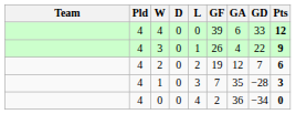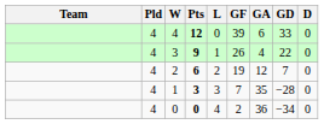 <table class="wikitable" style="text-align: center;">
 <tr>
 <th width="175">Team</th>
 <th width="20">Pld</th>
 <th width="20">W</th>
-<th width="20">D</th>
+<th width="20">Pts</th>
 <th width="20">L</th>
 <th width="20">GF</th>
 <th width="20">GA</th>
 <th width="20">GD</th>
-<th width="20">Pts</th>
+<th width="20">D</th>
 </tr>
 <tr bgcolor="#ccffcc">
 <td align=left></td>
 <td>4</td>
 <td>4</td>
-<td>0</td>
+<td><strong>12</strong></td>
 <td>0</td>
 <td>39</td>
 <td>6</td>
 <td>33</td>
-<td><strong>12</strong></td>
+<td>0</td>
 </tr>
 <tr bgcolor="#ccffcc">
 <td align=left></td>
 <td>4</td>
 <td>3</td>
-<td>0</td>
+<td><strong>9</strong></td>
 <td>1</td>
 <td>26</td>
 <td>4</td>
 <td>22</td>
-<td><strong>9</strong></td>
+<td>0</td>
 </tr>
 <tr>
 <td align=left></td>
 <td>4</td>
 <td>2</td>
-<td>0</td>
+<td><strong>6</strong></td>
 <td>2</td>
 <td>19</td>
 <td>12</td>
 <td>7</td>
-<td><strong>6</strong></td>
+<td>0</td>
 </tr>
 <tr>
 <td align=left></td>
 <td>4</td>
 <td>1</td>
-<td>0</td>
+<td><strong>3</strong></td>
 <td>3</td>
 <td>7</td>
 <td>35</td>
 <td>−28</td>
-<td><strong>3</strong></td>
+<td>0</td>
 </tr>
 <tr>
 <td align=left></td>
 <td>4</td>
 <td>0</td>
-<td>0</td>
+<td><strong>0</strong></td>
 <td>4</td>
 <td>2</td>
 <td>36</td>
 <td>−34</td>
-<td><strong>0</strong></td>
+<td>0</td>
 </tr>
 </table>
